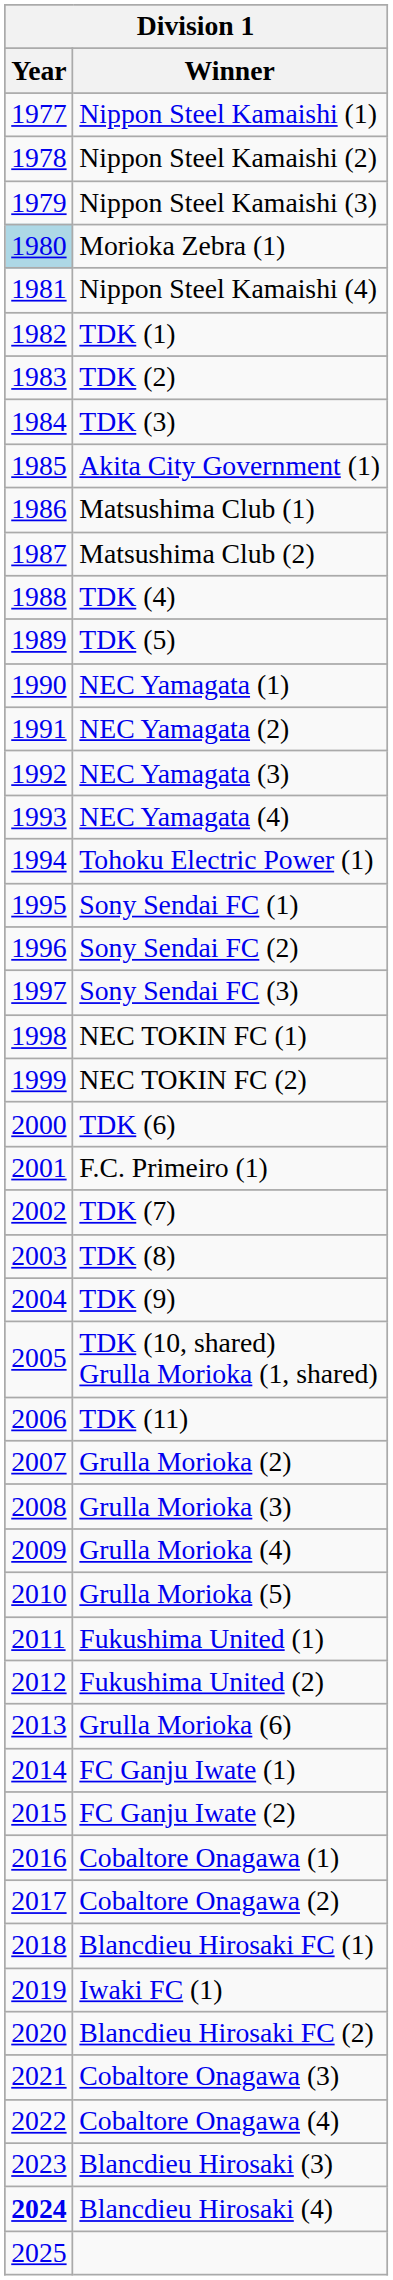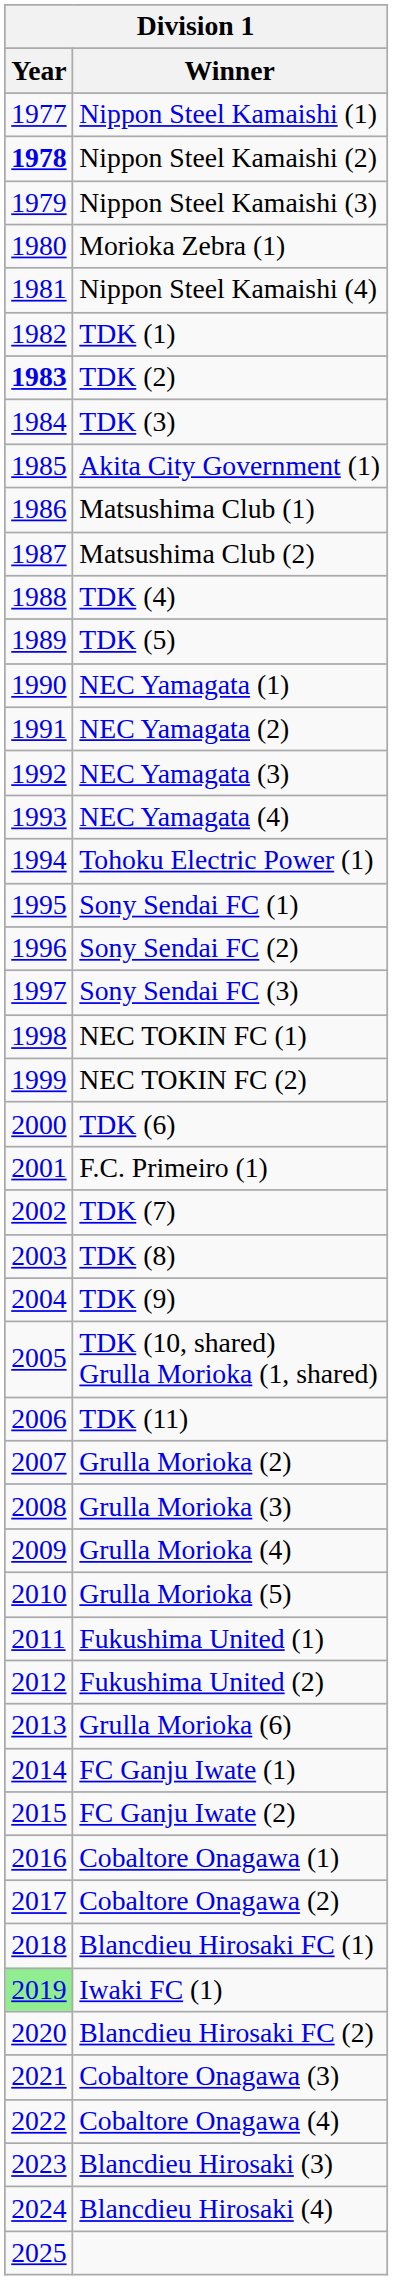 <table class="wikitable">
 <tr>
 <th colspan="2">Division 1</th>
 </tr>
 <tr>
 <th>Year</th>
 <th>Winner</th>
 </tr>
 <tr>
 <td><a href='#'>1977</a></td>
 <td><a href='#'>Nippon Steel Kamaishi</a> (1)</td>
 </tr>
 <tr>
-<td><a href='#'>1978</a></td>
+<td><strong><a href='#'>1978</a></strong></td>
 <td>Nippon Steel Kamaishi (2)</td>
 </tr>
 <tr>
 <td><a href='#'>1979</a></td>
 <td>Nippon Steel Kamaishi (3)</td>
 </tr>
 <tr>
-<td style="background: lightblue;"><a href='#'>1980</a></td>
+<td><a href='#'>1980</a></td>
 <td>Morioka Zebra (1)</td>
 </tr>
 <tr>
 <td><a href='#'>1981</a></td>
 <td>Nippon Steel Kamaishi (4)</td>
 </tr>
 <tr>
 <td><a href='#'>1982</a></td>
 <td><a href='#'>TDK</a> (1)</td>
 </tr>
 <tr>
-<td><a href='#'>1983</a></td>
+<td><strong><a href='#'>1983</a></strong></td>
 <td><a href='#'>TDK</a> (2)</td>
 </tr>
 <tr>
 <td><a href='#'>1984</a></td>
 <td><a href='#'>TDK</a> (3)</td>
 </tr>
 <tr>
 <td><a href='#'>1985</a></td>
 <td><a href='#'>Akita City Government</a> (1)</td>
 </tr>
 <tr>
 <td><a href='#'>1986</a></td>
 <td>Matsushima Club (1)</td>
 </tr>
 <tr>
 <td><a href='#'>1987</a></td>
 <td>Matsushima Club (2)</td>
 </tr>
 <tr>
 <td><a href='#'>1988</a></td>
 <td><a href='#'>TDK</a> (4)</td>
 </tr>
 <tr>
 <td><a href='#'>1989</a></td>
 <td><a href='#'>TDK</a> (5)</td>
 </tr>
 <tr>
 <td><a href='#'>1990</a></td>
 <td><a href='#'>NEC Yamagata</a> (1)</td>
 </tr>
 <tr>
 <td><a href='#'>1991</a></td>
 <td><a href='#'>NEC Yamagata</a> (2)</td>
 </tr>
 <tr>
 <td><a href='#'>1992</a></td>
 <td><a href='#'>NEC Yamagata</a> (3)</td>
 </tr>
 <tr>
 <td><a href='#'>1993</a></td>
 <td><a href='#'>NEC Yamagata</a> (4)</td>
 </tr>
 <tr>
 <td><a href='#'>1994</a></td>
 <td><a href='#'>Tohoku Electric Power</a> (1)</td>
 </tr>
 <tr>
 <td><a href='#'>1995</a></td>
 <td><a href='#'>Sony Sendai FC</a> (1)</td>
 </tr>
 <tr>
 <td><a href='#'>1996</a></td>
 <td><a href='#'>Sony Sendai FC</a> (2)</td>
 </tr>
 <tr>
 <td><a href='#'>1997</a></td>
 <td><a href='#'>Sony Sendai FC</a> (3)</td>
 </tr>
 <tr>
 <td><a href='#'>1998</a></td>
 <td>NEC TOKIN FC (1)</td>
 </tr>
 <tr>
 <td><a href='#'>1999</a></td>
 <td>NEC TOKIN FC (2)</td>
 </tr>
 <tr>
 <td><a href='#'>2000</a></td>
 <td><a href='#'>TDK</a> (6)</td>
 </tr>
 <tr>
 <td><a href='#'>2001</a></td>
 <td>F.C. Primeiro (1)</td>
 </tr>
 <tr>
 <td><a href='#'>2002</a></td>
 <td><a href='#'>TDK</a> (7)</td>
 </tr>
 <tr>
 <td><a href='#'>2003</a></td>
 <td><a href='#'>TDK</a> (8)</td>
 </tr>
 <tr>
 <td><a href='#'>2004</a></td>
 <td><a href='#'>TDK</a> (9)</td>
 </tr>
 <tr>
 <td><a href='#'>2005</a></td>
 <td><a href='#'>TDK</a> (10, shared)<br><a href='#'>Grulla Morioka</a> (1, shared)</td>
 </tr>
 <tr>
 <td><a href='#'>2006</a></td>
 <td><a href='#'>TDK</a> (11)</td>
 </tr>
 <tr>
 <td><a href='#'>2007</a></td>
 <td><a href='#'>Grulla Morioka</a> (2)</td>
 </tr>
 <tr>
 <td><a href='#'>2008</a></td>
 <td><a href='#'>Grulla Morioka</a> (3)</td>
 </tr>
 <tr>
 <td><a href='#'>2009</a></td>
 <td><a href='#'>Grulla Morioka</a> (4)</td>
 </tr>
 <tr>
 <td><a href='#'>2010</a></td>
 <td><a href='#'>Grulla Morioka</a> (5)</td>
 </tr>
 <tr>
 <td><a href='#'>2011</a></td>
 <td><a href='#'>Fukushima United</a> (1)</td>
 </tr>
 <tr>
 <td><a href='#'>2012</a></td>
 <td><a href='#'>Fukushima United</a> (2)</td>
 </tr>
 <tr>
 <td><a href='#'>2013</a></td>
 <td><a href='#'>Grulla Morioka</a> (6)</td>
 </tr>
 <tr>
 <td><a href='#'>2014</a></td>
 <td><a href='#'>FC Ganju Iwate</a> (1)</td>
 </tr>
 <tr>
 <td><a href='#'>2015</a></td>
 <td><a href='#'>FC Ganju Iwate</a> (2)</td>
 </tr>
 <tr>
 <td><a href='#'>2016</a></td>
 <td><a href='#'>Cobaltore Onagawa</a> (1)</td>
 </tr>
 <tr>
 <td><a href='#'>2017</a></td>
 <td><a href='#'>Cobaltore Onagawa</a> (2)</td>
 </tr>
 <tr>
 <td><a href='#'>2018</a></td>
 <td><a href='#'>Blancdieu Hirosaki FC</a> (1)</td>
 </tr>
 <tr>
-<td><a href='#'>2019</a></td>
+<td style="background: lightgreen;"><a href='#'>2019</a></td>
 <td><a href='#'>Iwaki FC</a> (1)</td>
 </tr>
 <tr>
 <td><a href='#'>2020</a></td>
 <td><a href='#'>Blancdieu Hirosaki FC</a> (2)</td>
 </tr>
 <tr>
 <td><a href='#'>2021</a></td>
 <td><a href='#'>Cobaltore Onagawa</a> (3)</td>
 </tr>
 <tr>
 <td><a href='#'>2022</a></td>
 <td><a href='#'>Cobaltore Onagawa</a> (4)</td>
 </tr>
 <tr>
 <td><a href='#'>2023</a></td>
 <td><a href='#'>Blancdieu Hirosaki</a> (3)</td>
 </tr>
 <tr>
-<td><strong><a href='#'>2024</a></strong></td>
+<td><a href='#'>2024</a></td>
 <td><a href='#'>Blancdieu Hirosaki</a> (4)</td>
 </tr>
 <tr>
 <td><a href='#'>2025</a></td>
 </tr>
 </table>
